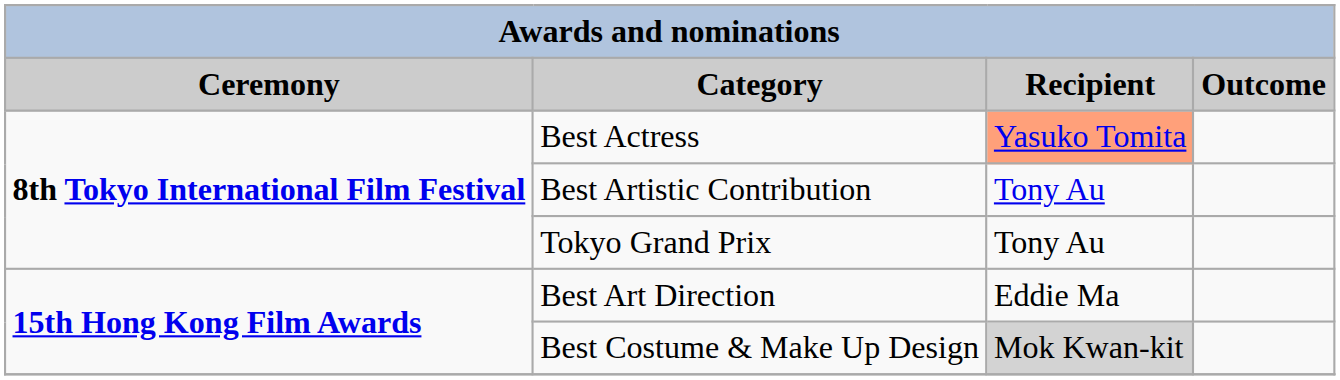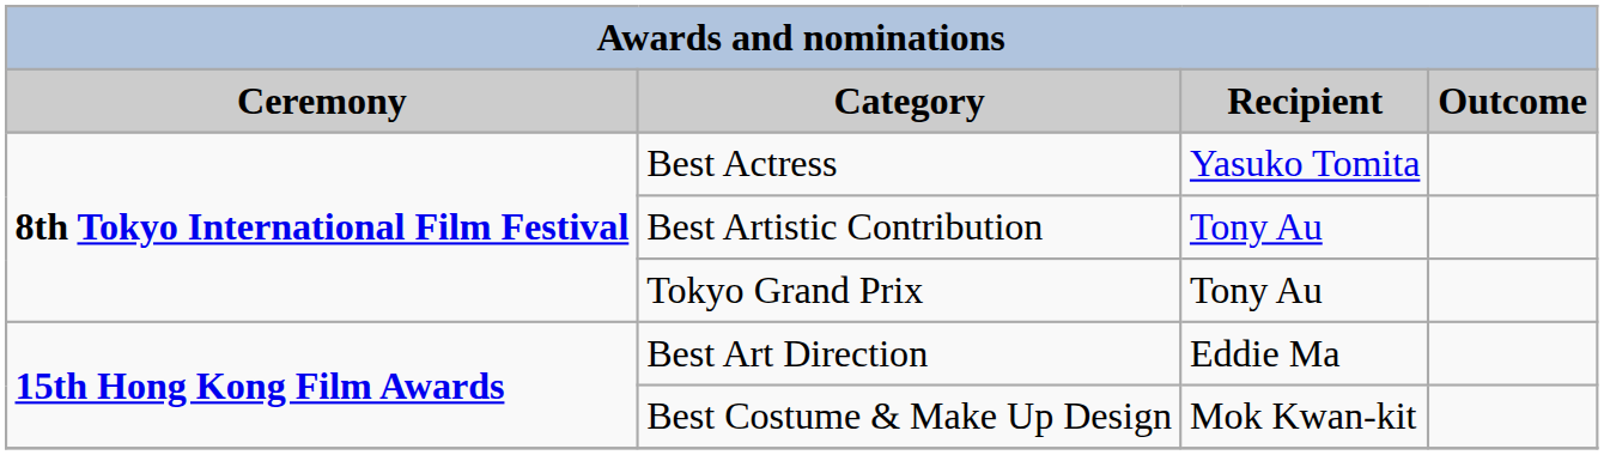 <table class="wikitable" style="font-size:95%;" ;>
 <tr style="background:#ccc; text-align:center;">
 <th colspan="4" style="background: LightSteelBlue;">Awards and nominations</th>
 </tr>
 <tr style="background:#ccc; text-align:center;">
 <th style="background:#ccc">Ceremony</th>
 <th style="background:#ccc">Category</th>
 <th style="background:#ccc">Recipient</th>
 <th style="background:#ccc">Outcome</th>
 </tr>
 <tr>
 <td rowspan=3><strong>8th <a href='#'>Tokyo International Film Festival</a></strong></td>
 <td>Best Actress</td>
-<td style="background: lightsalmon;"><a href='#'>Yasuko Tomita</a></td>
+<td><a href='#'>Yasuko Tomita</a></td>
 <td></td>
 </tr>
 <tr>
 <td>Best Artistic Contribution</td>
 <td><a href='#'>Tony Au</a></td>
 <td></td>
 </tr>
 <tr>
 <td>Tokyo Grand Prix</td>
 <td>Tony Au</td>
 <td></td>
 </tr>
 <tr>
 <td rowspan=2><strong><a href='#'>15th Hong Kong Film Awards</a></strong></td>
 <td>Best Art Direction</td>
 <td>Eddie Ma</td>
 <td></td>
 </tr>
 <tr>
 <td>Best Costume & Make Up Design</td>
-<td style="background: lightgrey;">Mok Kwan-kit</td>
+<td>Mok Kwan-kit</td>
 <td></td>
 </tr>
 <tr>
 </tr>
 </table>
